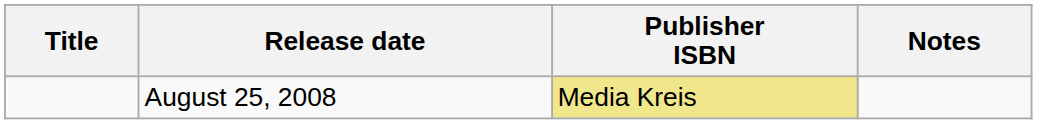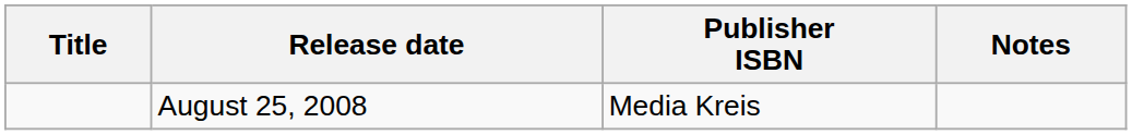 <table class="wikitable"  style="width:90%; font-size:90%;">
 <tr>
 <th>Title</th>
 <th>Release date</th>
 <th>Publisher<br>ISBN</th>
 <th>Notes</th>
 </tr>
 <tr>
 <td></td>
 <td>August 25, 2008</td>
-<td style="background: khaki;">Media Kreis<br></td>
+<td>Media Kreis<br></td>
 </tr>
 </table>
